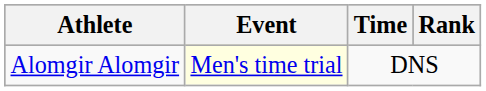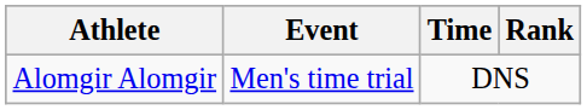 <table class="wikitable" style="font-size:90%">
 <tr>
 <th>Athlete</th>
 <th>Event</th>
 <th>Time</th>
 <th>Rank</th>
 </tr>
 <tr align=center>
 <td align=left><a href='#'>Alomgir Alomgir</a></td>
-<td align=left style="background: lightyellow;"><a href='#'>Men's time trial</a></td>
+<td align=left><a href='#'>Men's time trial</a></td>
 <td colspan=2>DNS</td>
 </tr>
 </table>
